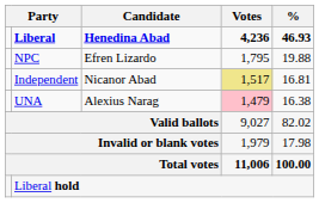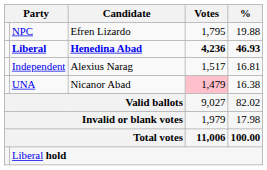 <table class="wikitable" style="font-size:90%; text-align:right;">
 <tr>
 <th colspan="2" style="width:75px;">Party</th>
 <th style="width:150px;">Candidate</th>
 <th style="width:50px;">Votes</th>
 <th style="width:10px;">%</th>
+</tr>
+<tr>
+<td style="background:"></td>
+<td style="text-align:left;"><a href='#'>NPC</a></td>
+<td style="text-align:left;">Efren Lizardo</td>
+<td>1,795</td>
+<td>19.88</td>
 </tr>
 <tr>
 <td style="background:"></td>
 <td style="text-align:left;"><strong><a href='#'>Liberal</a></strong></td>
 <td style="text-align:left;"><strong><a href='#'>Henedina Abad</a></strong></td>
 <td><strong>4,236</strong></td>
 <td><strong>46.93</strong></td>
 </tr>
 <tr>
 <td style="background:"></td>
-<td style="text-align:left;"><a href='#'>NPC</a></td>
-<td style="text-align:left;">Efren Lizardo</td>
-<td>1,795</td>
-<td>19.88</td>
-</tr>
-<tr>
-<td style="background:"></td>
 <td style="text-align:left;"><a href='#'>Independent</a></td>
-<td style="text-align:left;">Nicanor Abad</td>
-<td style="background: khaki;">1,517</td>
+<td style="text-align:left;">Alexius Narag</td>
+<td>1,517</td>
 <td>16.81</td>
 </tr>
 <tr>
 <td style="background:"></td>
 <td style="text-align:left;"><a href='#'>UNA</a></td>
-<td style="text-align:left;">Alexius Narag</td>
+<td style="text-align:left;">Nicanor Abad</td>
 <td style="background: pink;">1,479</td>
 <td>16.38</td>
 </tr>
 <tr style="background-color:#F6F6F6">
 <th colspan="3" style="text-align:right;">Valid ballots</th>
 <td>9,027</td>
 <td>82.02</td>
 </tr>
 <tr style="background-color:#F6F6F6">
 <th colspan="3" style="text-align:right;">Invalid or blank votes</th>
 <td>1,979</td>
 <td>17.98</td>
 </tr>
 <tr style="background-color:#F6F6F6">
 <th colspan="3" style="text-align:right;">Total votes</th>
 <td><strong>11,006</strong></td>
 <td><strong>100.00</strong></td>
 </tr>
 <tr style="background-color:#F6F6F6">
 <td style="background:"></td>
 <td colspan="4" style="text-align:left;"><a href='#'>Liberal</a> <strong>hold</strong></td>
 </tr>
 </table>
